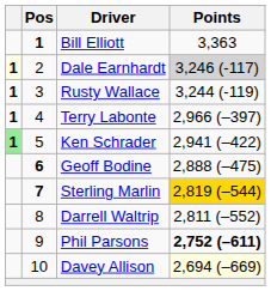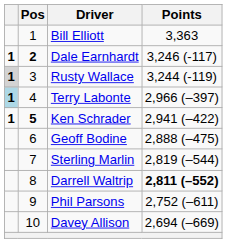 <table class="wikitable" style="font-size: 95%;">
 <tr>
 <th></th>
 <th>Pos</th>
 <th>Driver</th>
 <th>Points</th>
 </tr>
 <tr>
 <td align="left"></td>
-<td style="text-align:center;"><strong>1</strong></td>
+<td style="text-align:center;">1</td>
 <td><a href='#'>Bill Elliott</a></td>
 <td style="text-align:center;">3,363</td>
 </tr>
 <tr>
-<td align="left" style="background: lightyellow;">  <strong>1</strong></td>
-<td style="text-align:center;">2</td>
+<td align="left">  <strong>1</strong></td>
+<td style="text-align:center;"><strong>2</strong></td>
 <td><a href='#'>Dale Earnhardt</a></td>
-<td style="background: lightgrey; text-align:center;">3,246 (-117)</td>
+<td style="text-align:center;">3,246 (-117)</td>
 </tr>
 <tr>
-<td align="left">  <strong>1</strong></td>
+<td align="left" style="background: lightgrey;">  <strong>1</strong></td>
 <td style="text-align:center;">3</td>
 <td><a href='#'>Rusty Wallace</a></td>
 <td style="text-align:center;">3,244 (-119)</td>
 </tr>
 <tr>
-<td align="left">  <strong>1</strong></td>
+<td align="left" style="background: lightblue;">  <strong>1</strong></td>
 <td style="text-align:center;">4</td>
 <td><a href='#'>Terry Labonte</a></td>
 <td style="text-align:center;">2,966 (–397)</td>
 </tr>
 <tr>
-<td align="left" style="background: lightgreen;">  <strong>1</strong></td>
-<td style="text-align:center;">5</td>
+<td align="left">  <strong>1</strong></td>
+<td style="text-align:center;"><strong>5</strong></td>
 <td><a href='#'>Ken Schrader</a></td>
 <td style="text-align:center;">2,941 (–422)</td>
 </tr>
 <tr>
 <td align="left"></td>
-<td style="text-align:center;"><strong>6</strong></td>
+<td style="text-align:center;">6</td>
 <td><a href='#'>Geoff Bodine</a></td>
 <td style="text-align:center;">2,888 (–475)</td>
 </tr>
 <tr>
 <td align="left"></td>
-<td style="text-align:center;"><strong>7</strong></td>
+<td style="text-align:center;">7</td>
 <td><a href='#'>Sterling Marlin</a></td>
-<td style="background: gold; text-align:center;">2,819 (–544)</td>
+<td style="text-align:center;">2,819 (–544)</td>
 </tr>
 <tr>
 <td align="left"></td>
 <td style="text-align:center;">8</td>
 <td><a href='#'>Darrell Waltrip</a></td>
-<td style="text-align:center;">2,811 (–552)</td>
+<td style="text-align:center;"><strong>2,811 (–552)</strong></td>
 </tr>
 <tr>
 <td align="left"></td>
 <td style="text-align:center;">9</td>
 <td><a href='#'>Phil Parsons</a></td>
-<td style="text-align:center;"><strong>2,752 (–611)</strong></td>
+<td style="text-align:center;">2,752 (–611)</td>
 </tr>
 <tr>
 <td align="left"></td>
 <td style="text-align:center;">10</td>
 <td><a href='#'>Davey Allison</a></td>
-<td style="background: lightyellow; text-align:center;">2,694 (–669)</td>
+<td style="text-align:center;">2,694 (–669)</td>
 </tr>
 <tr class="sortbottom">
 <th colspan="9"></th>
 </tr>
 </table>
